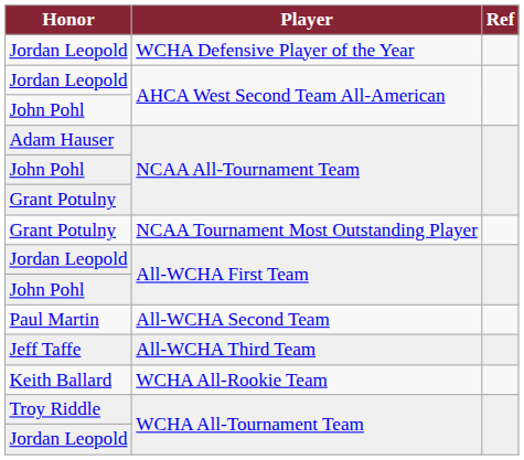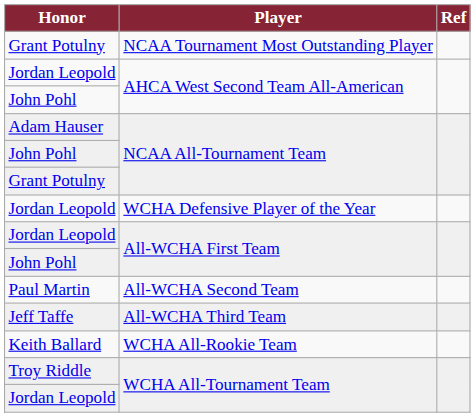 <table class="wikitable">
 <tr>
 <th style="color:white; background:#862334; ">Honor</th>
 <th style="color:white; background:#862334; ">Player</th>
 <th style="color:white; background:#862334; ">Ref</th>
 </tr>
 <tr>
-<td><a href='#'>Jordan Leopold</a></td>
-<td><a href='#'>WCHA Defensive Player of the Year</a></td>
+<td><a href='#'>Grant Potulny</a></td>
+<td><a href='#'>NCAA Tournament Most Outstanding Player</a></td>
 <td></td>
 </tr>
 <tr>
 <td><a href='#'>Jordan Leopold</a></td>
 <td rowspan=2><a href='#'>AHCA West Second Team All-American</a></td>
 <td rowspan=2></td>
 </tr>
 <tr>
 <td><a href='#'>John Pohl</a></td>
 </tr>
 <tr bgcolor=f0f0f0>
 <td><a href='#'>Adam Hauser</a></td>
 <td rowspan=3><a href='#'>NCAA All-Tournament Team</a></td>
 <td rowspan=3></td>
 </tr>
 <tr bgcolor=f0f0f0>
 <td><a href='#'>John Pohl</a></td>
 </tr>
 <tr bgcolor=f0f0f0>
 <td><a href='#'>Grant Potulny</a></td>
 </tr>
 <tr>
-<td><a href='#'>Grant Potulny</a></td>
-<td><a href='#'>NCAA Tournament Most Outstanding Player</a></td>
+<td><a href='#'>Jordan Leopold</a></td>
+<td><a href='#'>WCHA Defensive Player of the Year</a></td>
 <td></td>
 </tr>
 <tr bgcolor=f0f0f0>
 <td><a href='#'>Jordan Leopold</a></td>
 <td rowspan=2><a href='#'>All-WCHA First Team</a></td>
 <td rowspan=2></td>
 </tr>
 <tr bgcolor=f0f0f0>
 <td><a href='#'>John Pohl</a></td>
 </tr>
 <tr>
 <td><a href='#'>Paul Martin</a></td>
 <td><a href='#'>All-WCHA Second Team</a></td>
 <td></td>
 </tr>
 <tr bgcolor=f0f0f0>
 <td><a href='#'>Jeff Taffe</a></td>
 <td><a href='#'>All-WCHA Third Team</a></td>
 <td></td>
 </tr>
 <tr>
 <td><a href='#'>Keith Ballard</a></td>
 <td><a href='#'>WCHA All-Rookie Team</a></td>
 <td></td>
 </tr>
 <tr bgcolor=f0f0f0>
 <td><a href='#'>Troy Riddle</a></td>
 <td rowspan=2><a href='#'>WCHA All-Tournament Team</a></td>
 <td rowspan=2></td>
 </tr>
 <tr bgcolor=f0f0f0>
 <td><a href='#'>Jordan Leopold</a></td>
 </tr>
 </table>
